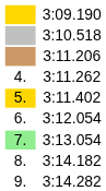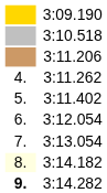 <table style="text-align:center">
 <tr>
 <td width=30 bgcolor=gold></td>
 <td align=left></td>
 <td width=60>3:09.190</td>
 </tr>
 <tr>
 <td bgcolor=silver></td>
 <td align=left></td>
 <td>3:10.518</td>
 </tr>
 <tr>
 <td bgcolor=cc9966></td>
 <td align=left></td>
 <td>3:11.206</td>
 </tr>
 <tr>
 <td>4.</td>
 <td align=left></td>
 <td>3:11.262</td>
 </tr>
 <tr>
-<td style="background: gold;">5.</td>
+<td>5.</td>
 <td align=left></td>
 <td>3:11.402</td>
 </tr>
 <tr>
 <td>6.</td>
 <td align=left></td>
 <td>3:12.054</td>
 </tr>
 <tr>
-<td style="background: lightgreen;">7.</td>
+<td>7.</td>
 <td align=left></td>
 <td>3:13.054</td>
 </tr>
 <tr>
-<td>8.</td>
+<td style="background: lightyellow;">8.</td>
 <td align=left></td>
 <td>3:14.182</td>
 </tr>
 <tr>
-<td>9.</td>
+<td><strong>9.</strong></td>
 <td align=left></td>
 <td>3:14.282</td>
 </tr>
 </table>
